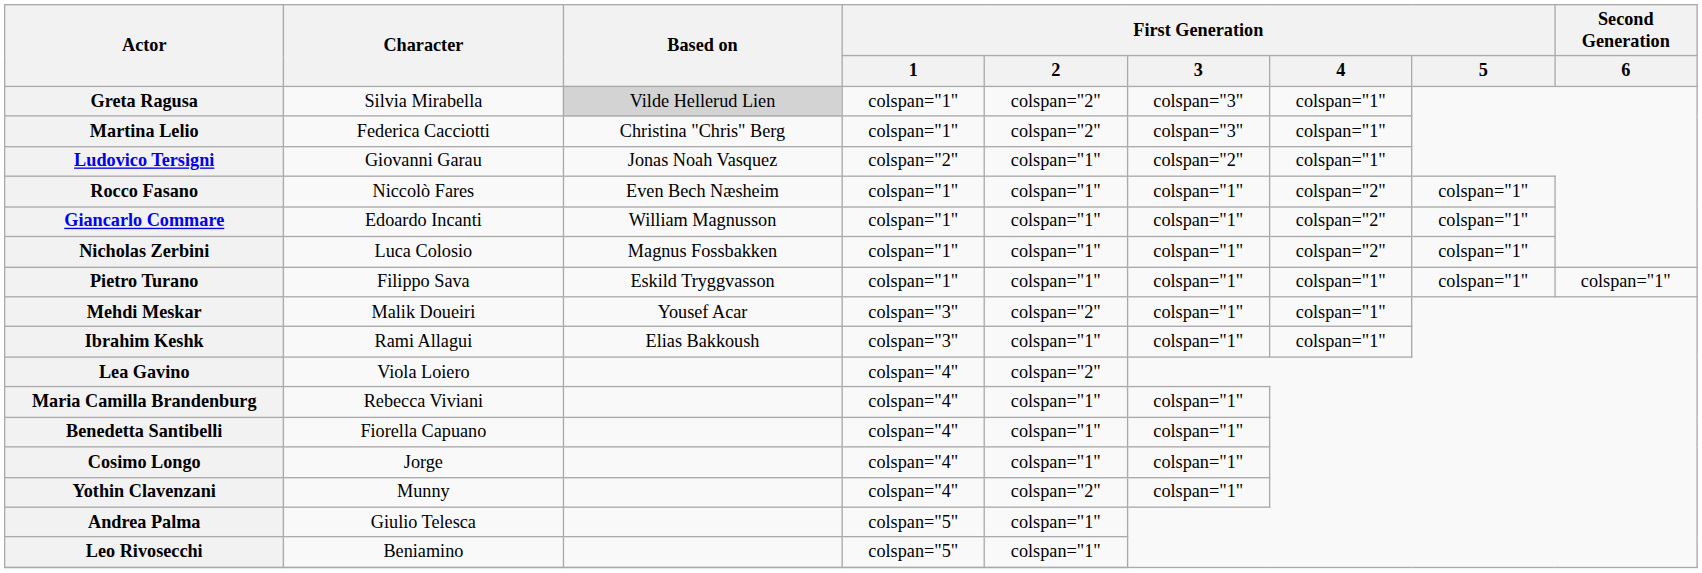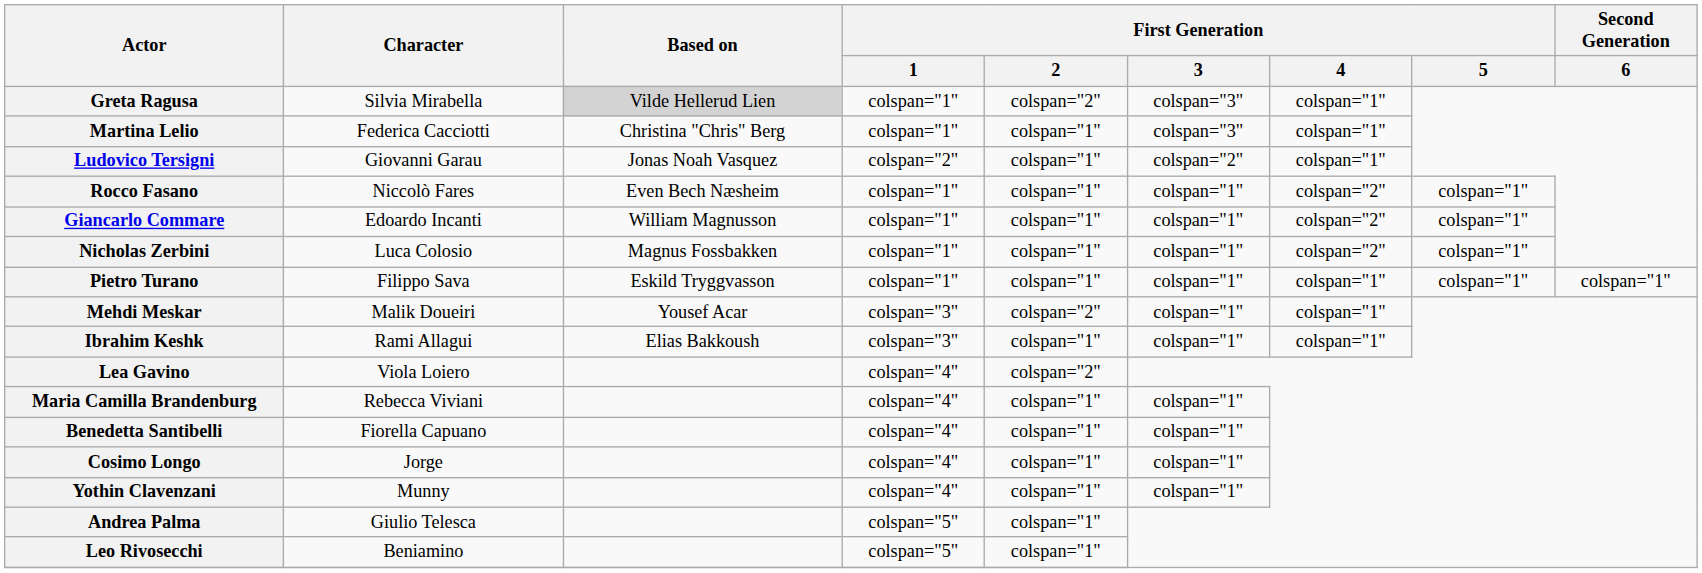 <table class="wikitable plainrowheaders" style="text-align:center; font-size:85%; width:100%">
 <tr>
 <th scope="col" rowspan="2" style="width:10%;">Actor</th>
 <th scope="col" rowspan="2" style="width:10%;">Character</th>
 <th scope="col" rowspan="2" style="width:10%;">Based on</th>
 <th colspan="5">First Generation</th>
 <th colspan="5">Second Generation</th>
 </tr>
 <tr>
 <th scope="col" style="width:4%;">1</th>
 <th scope="col" style="width:4%;">2</th>
 <th scope="col" style="width:4%;">3</th>
 <th scope="col" style="width:4%;">4</th>
 <th scope="col" style="width:4%;">5</th>
 <th scope="col" style="width:4%;">6</th>
 </tr>
 <tr>
 <th scope="row">Greta Ragusa</th>
 <td>Silvia Mirabella</td>
 <td style="background: lightgrey;">Vilde Hellerud Lien</td>
 <td>colspan="1" </td>
 <td>colspan="2" </td>
 <td>colspan="3" </td>
 <td>colspan="1" </td>
 </tr>
 <tr>
 <th scope="row">Martina Lelio</th>
 <td>Federica Cacciotti</td>
 <td>Christina "Chris" Berg</td>
 <td>colspan="1" </td>
-<td>colspan="2" </td>
+<td>colspan="1" </td>
 <td>colspan="3" </td>
 <td>colspan="1" </td>
 </tr>
 <tr>
 <th scope="row"><a href='#'>Ludovico Tersigni</a></th>
 <td>Giovanni Garau</td>
 <td>Jonas Noah Vasquez</td>
 <td>colspan="2" </td>
 <td>colspan="1" </td>
 <td>colspan="2" </td>
 <td>colspan="1" </td>
 </tr>
 <tr>
 <th scope="row">Rocco Fasano</th>
 <td>Niccolò Fares</td>
 <td>Even Bech Næsheim</td>
 <td>colspan="1" </td>
 <td>colspan="1" </td>
 <td>colspan="1" </td>
 <td>colspan="2" </td>
 <td>colspan="1" </td>
 </tr>
 <tr>
 <th scope="row"><a href='#'>Giancarlo Commare</a></th>
 <td>Edoardo Incanti</td>
 <td>William Magnusson</td>
 <td>colspan="1" </td>
 <td>colspan="1" </td>
 <td>colspan="1" </td>
 <td>colspan="2" </td>
 <td>colspan="1" </td>
 </tr>
 <tr>
 <th scope="row">Nicholas Zerbini</th>
 <td>Luca Colosio</td>
 <td>Magnus Fossbakken</td>
 <td>colspan="1" </td>
 <td>colspan="1" </td>
 <td>colspan="1" </td>
 <td>colspan="2" </td>
 <td>colspan="1" </td>
 </tr>
 <tr>
 <th scope="row">Pietro Turano</th>
 <td>Filippo Sava</td>
 <td>Eskild Tryggvasson</td>
 <td>colspan="1" </td>
 <td>colspan="1" </td>
 <td>colspan="1" </td>
 <td>colspan="1" </td>
 <td>colspan="1" </td>
 <td>colspan="1" </td>
 </tr>
 <tr>
 <th scope="row">Mehdi Meskar</th>
 <td>Malik Doueiri</td>
 <td>Yousef Acar</td>
 <td>colspan="3" </td>
 <td>colspan="2" </td>
 <td>colspan="1" </td>
 <td>colspan="1" </td>
 </tr>
 <tr>
 <th scope="row">Ibrahim Keshk</th>
 <td>Rami Allagui</td>
 <td>Elias Bakkoush</td>
 <td>colspan="3" </td>
 <td>colspan="1" </td>
 <td>colspan="1" </td>
 <td>colspan="1" </td>
 </tr>
 <tr>
 <th scope="row">Lea Gavino</th>
 <td>Viola Loiero</td>
 <td></td>
 <td>colspan="4" </td>
 <td>colspan="2" </td>
 </tr>
 <tr>
 <th scope="row">Maria Camilla Brandenburg</th>
 <td>Rebecca Viviani</td>
 <td></td>
 <td>colspan="4" </td>
 <td>colspan="1" </td>
 <td>colspan="1" </td>
 </tr>
 <tr>
 <th scope="row">Benedetta Santibelli</th>
 <td>Fiorella Capuano</td>
 <td></td>
 <td>colspan="4" </td>
 <td>colspan="1" </td>
 <td>colspan="1" </td>
 </tr>
 <tr>
 <th scope="row">Cosimo Longo</th>
 <td>Jorge</td>
 <td></td>
 <td>colspan="4" </td>
 <td>colspan="1" </td>
 <td>colspan="1" </td>
 </tr>
 <tr>
 <th scope="row">Yothin Clavenzani</th>
 <td>Munny</td>
 <td></td>
 <td>colspan="4" </td>
-<td>colspan="2" </td>
+<td>colspan="1" </td>
 <td>colspan="1" </td>
 </tr>
 <tr>
 <th scope="row">Andrea Palma</th>
 <td>Giulio Telesca</td>
 <td></td>
 <td>colspan="5" </td>
 <td>colspan="1" </td>
 </tr>
 <tr>
 <th scope="row">Leo Rivosecchi</th>
 <td>Beniamino</td>
 <td></td>
 <td>colspan="5" </td>
 <td>colspan="1" </td>
 </tr>
 <tr>
 </tr>
 </table>
